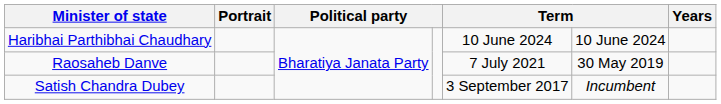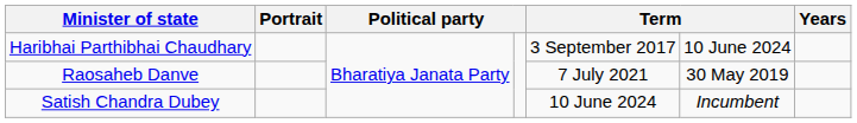 <table class="wikitable sortable mw-collapsible">
 <tr>
 <th><a href='#'>Minister of state</a></th>
 <th>Portrait</th>
 <th colspan=2>Political party</th>
 <th colspan="2">Term</th>
 <th>Years</th>
 </tr>
 <tr align=center>
 <td><a href='#'>Haribhai Parthibhai Chaudhary</a><br><em></em></td>
 <td></td>
 <td rowspan="3"><a href='#'>Bharatiya Janata Party</a></td>
 <td rowspan="3" width="4px"></td>
-<td>10 June 2024</td>
+<td>3 September 2017</td>
 <td>10 June 2024</td>
 <td></td>
 </tr>
 <tr align=center>
 <td><a href='#'>Raosaheb Danve</a><br><em></em></td>
 <td></td>
 <td>7 July 2021</td>
 <td>30 May 2019</td>
 <td></td>
 </tr>
 <tr align=center>
 <td><a href='#'>Satish Chandra Dubey</a><br><em></em></td>
 <td></td>
-<td>3 September 2017</td>
+<td>10 June 2024</td>
 <td><em>Incumbent</em></td>
 <td></td>
 </tr>
 </table>
